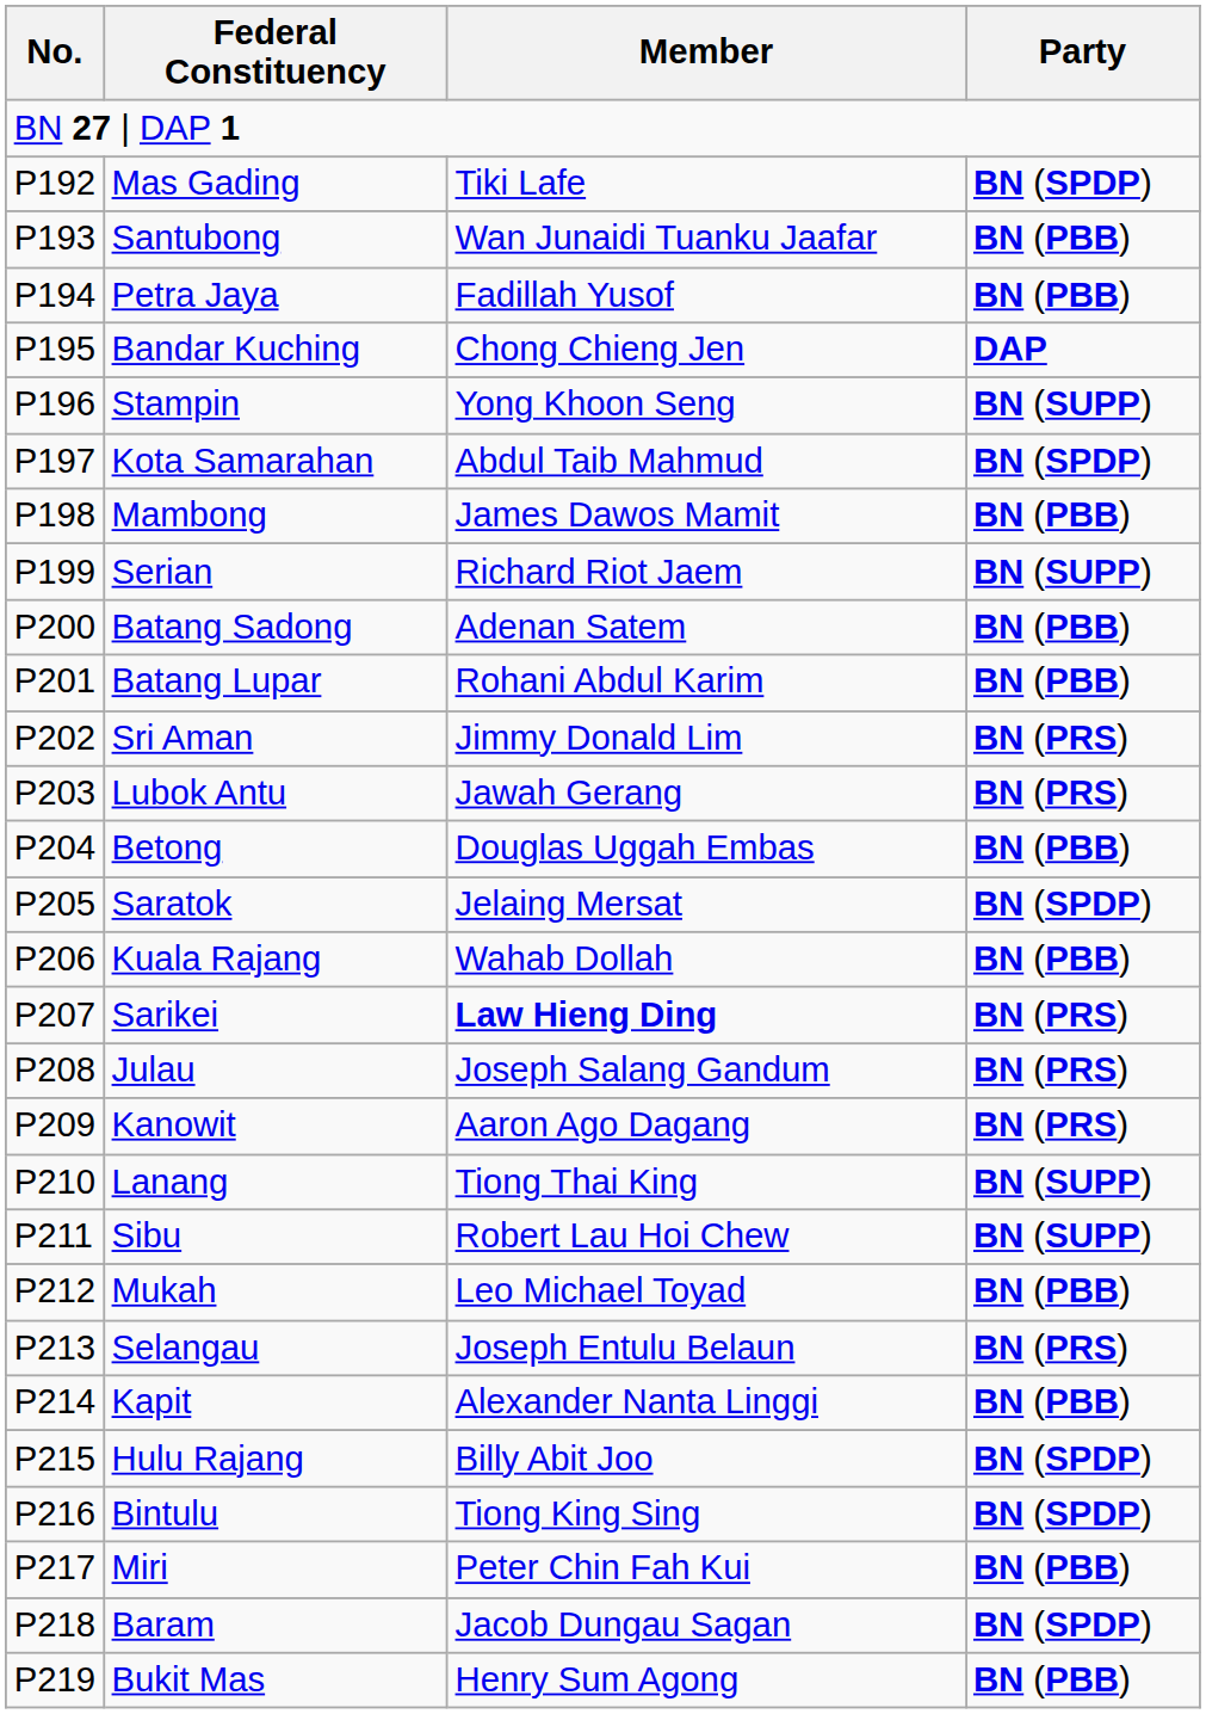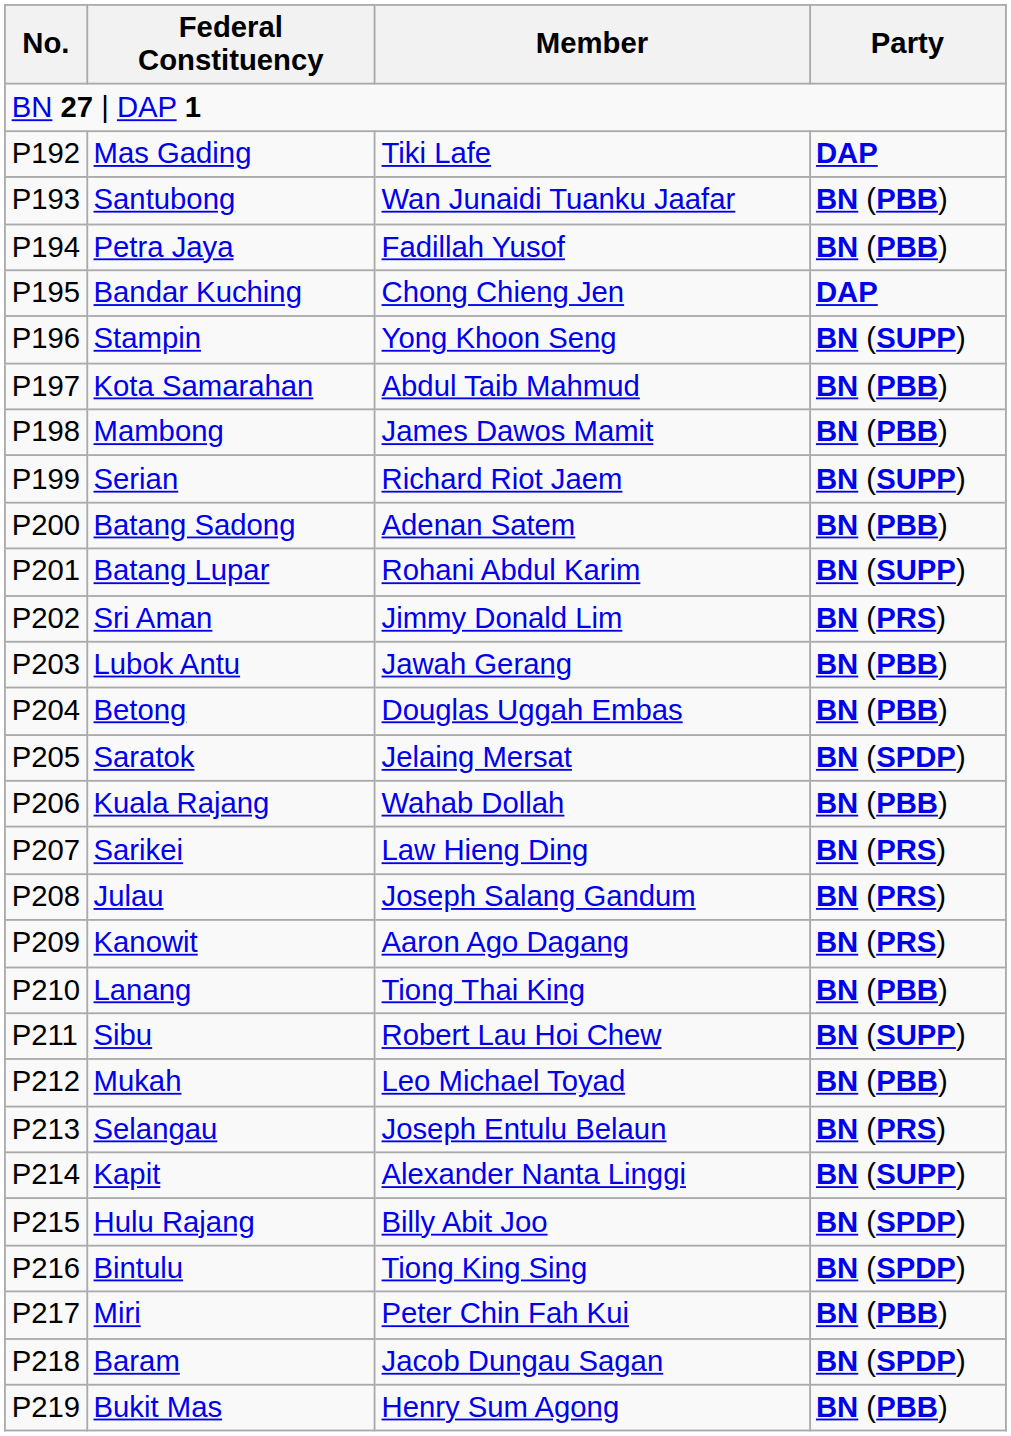 <table class="wikitable sortable">
 <tr>
 <th style="width:30px;">No.</th>
 <th style="width:150px;">Federal Constituency</th>
 <th style="width:230px;">Member</th>
 <th style="width:100px;">Party</th>
 </tr>
 <tr>
 <td colspan="4"><a href='#'>BN</a> <strong>27</strong> | <a href='#'>DAP</a> <strong>1</strong></td>
 </tr>
 <tr>
 <td>P192</td>
 <td><a href='#'>Mas Gading</a></td>
 <td><a href='#'>Tiki Lafe</a></td>
-<td><strong><a href='#'>BN</a></strong> (<strong><a href='#'>SPDP</a></strong>)</td>
+<td><strong><a href='#'>DAP</a></strong></td>
 </tr>
 <tr>
 <td>P193</td>
 <td><a href='#'>Santubong</a></td>
 <td><a href='#'>Wan Junaidi Tuanku Jaafar</a></td>
 <td><strong><a href='#'>BN</a></strong> (<strong><a href='#'>PBB</a></strong>)</td>
 </tr>
 <tr>
 <td>P194</td>
 <td><a href='#'>Petra Jaya</a></td>
 <td><a href='#'>Fadillah Yusof</a></td>
 <td><strong><a href='#'>BN</a></strong> (<strong><a href='#'>PBB</a></strong>)</td>
 </tr>
 <tr>
 <td>P195</td>
 <td><a href='#'>Bandar Kuching</a></td>
 <td><a href='#'>Chong Chieng Jen</a></td>
 <td><strong><a href='#'>DAP</a></strong></td>
 </tr>
 <tr>
 <td>P196</td>
 <td><a href='#'>Stampin</a></td>
 <td><a href='#'>Yong Khoon Seng</a></td>
 <td><strong><a href='#'>BN</a></strong> (<strong><a href='#'>SUPP</a></strong>)</td>
 </tr>
 <tr>
 <td>P197</td>
 <td><a href='#'>Kota Samarahan</a></td>
 <td><a href='#'>Abdul Taib Mahmud</a></td>
-<td><strong><a href='#'>BN</a></strong> (<strong><a href='#'>SPDP</a></strong>)</td>
+<td><strong><a href='#'>BN</a></strong> (<strong><a href='#'>PBB</a></strong>)</td>
 </tr>
 <tr>
 <td>P198</td>
 <td><a href='#'>Mambong</a></td>
 <td><a href='#'>James Dawos Mamit</a></td>
 <td><strong><a href='#'>BN</a></strong> (<strong><a href='#'>PBB</a></strong>)</td>
 </tr>
 <tr>
 <td>P199</td>
 <td><a href='#'>Serian</a></td>
 <td><a href='#'>Richard Riot Jaem</a></td>
 <td><strong><a href='#'>BN</a></strong> (<strong><a href='#'>SUPP</a></strong>)</td>
 </tr>
 <tr>
 <td>P200</td>
 <td><a href='#'>Batang Sadong</a></td>
 <td><a href='#'>Adenan Satem</a></td>
 <td><strong><a href='#'>BN</a></strong> (<strong><a href='#'>PBB</a></strong>)</td>
 </tr>
 <tr>
 <td>P201</td>
 <td><a href='#'>Batang Lupar</a></td>
 <td><a href='#'>Rohani Abdul Karim</a></td>
-<td><strong><a href='#'>BN</a></strong> (<strong><a href='#'>PBB</a></strong>)</td>
+<td><strong><a href='#'>BN</a></strong> (<strong><a href='#'>SUPP</a></strong>)</td>
 </tr>
 <tr>
 <td>P202</td>
 <td><a href='#'>Sri Aman</a></td>
 <td><a href='#'>Jimmy Donald Lim</a></td>
 <td><strong><a href='#'>BN</a></strong> (<strong><a href='#'>PRS</a></strong>)</td>
 </tr>
 <tr>
 <td>P203</td>
 <td><a href='#'>Lubok Antu</a></td>
 <td><a href='#'>Jawah Gerang</a></td>
-<td><strong><a href='#'>BN</a></strong> (<strong><a href='#'>PRS</a></strong>)</td>
+<td><strong><a href='#'>BN</a></strong> (<strong><a href='#'>PBB</a></strong>)</td>
 </tr>
 <tr>
 <td>P204</td>
 <td><a href='#'>Betong</a></td>
 <td><a href='#'>Douglas Uggah Embas</a></td>
 <td><strong><a href='#'>BN</a></strong> (<strong><a href='#'>PBB</a></strong>)</td>
 </tr>
 <tr>
 <td>P205</td>
 <td><a href='#'>Saratok</a></td>
 <td><a href='#'>Jelaing Mersat</a></td>
 <td><strong><a href='#'>BN</a></strong> (<strong><a href='#'>SPDP</a></strong>)</td>
 </tr>
 <tr>
 <td>P206</td>
 <td><a href='#'>Kuala Rajang</a></td>
 <td><a href='#'>Wahab Dollah</a></td>
 <td><strong><a href='#'>BN</a></strong> (<strong><a href='#'>PBB</a></strong>)</td>
 </tr>
 <tr>
 <td>P207</td>
 <td><a href='#'>Sarikei</a></td>
-<td><strong><a href='#'>Law Hieng Ding</a></strong></td>
+<td><a href='#'>Law Hieng Ding</a></td>
 <td><strong><a href='#'>BN</a></strong> (<strong><a href='#'>PRS</a></strong>)</td>
 </tr>
 <tr>
 <td>P208</td>
 <td><a href='#'>Julau</a></td>
 <td><a href='#'>Joseph Salang Gandum</a></td>
 <td><strong><a href='#'>BN</a></strong> (<strong><a href='#'>PRS</a></strong>)</td>
 </tr>
 <tr>
 <td>P209</td>
 <td><a href='#'>Kanowit</a></td>
 <td><a href='#'>Aaron Ago Dagang</a></td>
 <td><strong><a href='#'>BN</a></strong> (<strong><a href='#'>PRS</a></strong>)</td>
 </tr>
 <tr>
 <td>P210</td>
 <td><a href='#'>Lanang</a></td>
 <td><a href='#'>Tiong Thai King</a></td>
-<td><strong><a href='#'>BN</a></strong> (<strong><a href='#'>SUPP</a></strong>)</td>
+<td><strong><a href='#'>BN</a></strong> (<strong><a href='#'>PBB</a></strong>)</td>
 </tr>
 <tr>
 <td>P211</td>
 <td><a href='#'>Sibu</a></td>
 <td><a href='#'>Robert Lau Hoi Chew</a></td>
 <td><strong><a href='#'>BN</a></strong> (<strong><a href='#'>SUPP</a></strong>)</td>
 </tr>
 <tr>
 <td>P212</td>
 <td><a href='#'>Mukah</a></td>
 <td><a href='#'>Leo Michael Toyad</a></td>
 <td><strong><a href='#'>BN</a></strong> (<strong><a href='#'>PBB</a></strong>)</td>
 </tr>
 <tr>
 <td>P213</td>
 <td><a href='#'>Selangau</a></td>
 <td><a href='#'>Joseph Entulu Belaun</a></td>
 <td><strong><a href='#'>BN</a></strong> (<strong><a href='#'>PRS</a></strong>)</td>
 </tr>
 <tr>
 <td>P214</td>
 <td><a href='#'>Kapit</a></td>
 <td><a href='#'>Alexander Nanta Linggi</a></td>
-<td><strong><a href='#'>BN</a></strong> (<strong><a href='#'>PBB</a></strong>)</td>
+<td><strong><a href='#'>BN</a></strong> (<strong><a href='#'>SUPP</a></strong>)</td>
 </tr>
 <tr>
 <td>P215</td>
 <td><a href='#'>Hulu Rajang</a></td>
 <td><a href='#'>Billy Abit Joo</a></td>
 <td><strong><a href='#'>BN</a></strong> (<strong><a href='#'>SPDP</a></strong>)</td>
 </tr>
 <tr>
 <td>P216</td>
 <td><a href='#'>Bintulu</a></td>
 <td><a href='#'>Tiong King Sing</a></td>
 <td><strong><a href='#'>BN</a></strong> (<strong><a href='#'>SPDP</a></strong>)</td>
 </tr>
 <tr>
 <td>P217</td>
 <td><a href='#'>Miri</a></td>
 <td><a href='#'>Peter Chin Fah Kui</a></td>
 <td><strong><a href='#'>BN</a></strong> (<strong><a href='#'>PBB</a></strong>)</td>
 </tr>
 <tr>
 <td>P218</td>
 <td><a href='#'>Baram</a></td>
 <td><a href='#'>Jacob Dungau Sagan</a></td>
 <td><strong><a href='#'>BN</a></strong> (<strong><a href='#'>SPDP</a></strong>)</td>
 </tr>
 <tr>
 <td>P219</td>
 <td><a href='#'>Bukit Mas</a></td>
 <td><a href='#'>Henry Sum Agong</a></td>
 <td><strong><a href='#'>BN</a></strong> (<strong><a href='#'>PBB</a></strong>)</td>
 </tr>
 </table>
